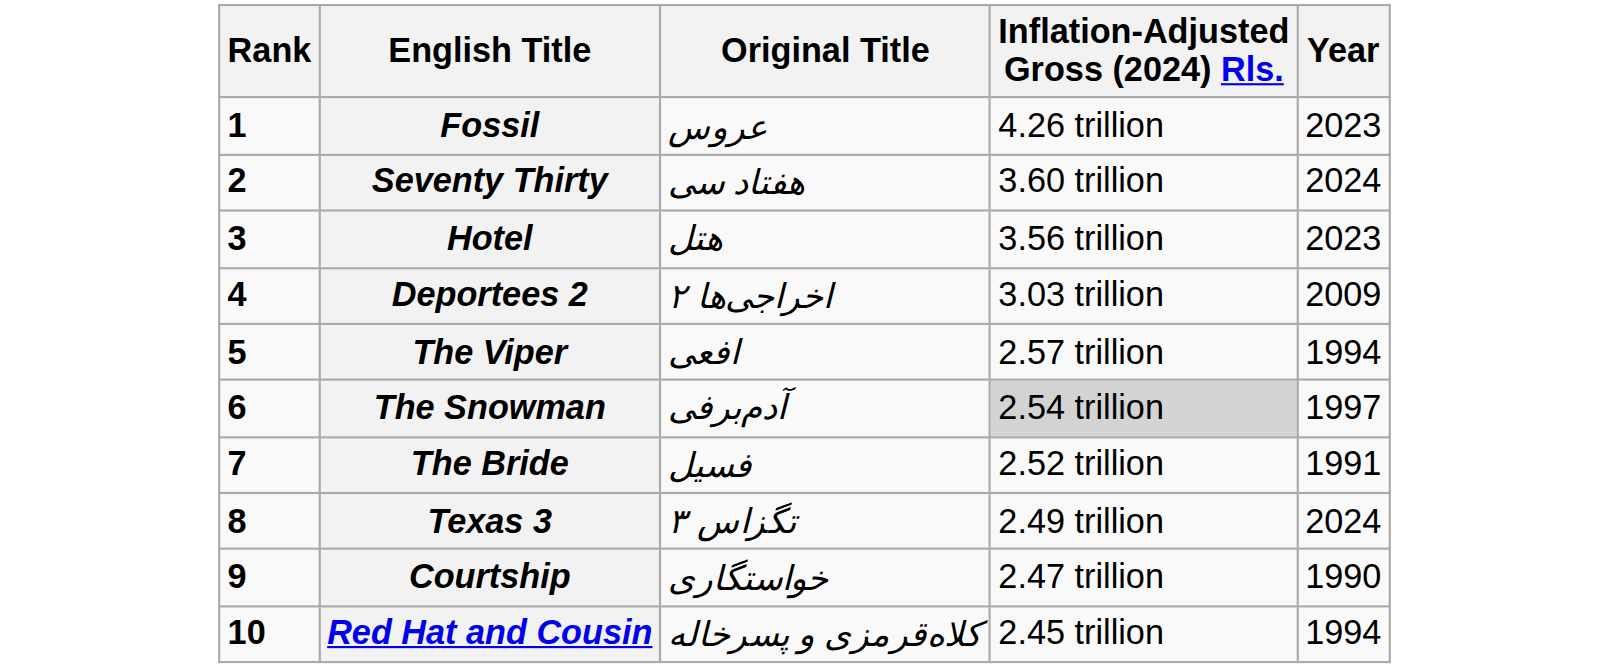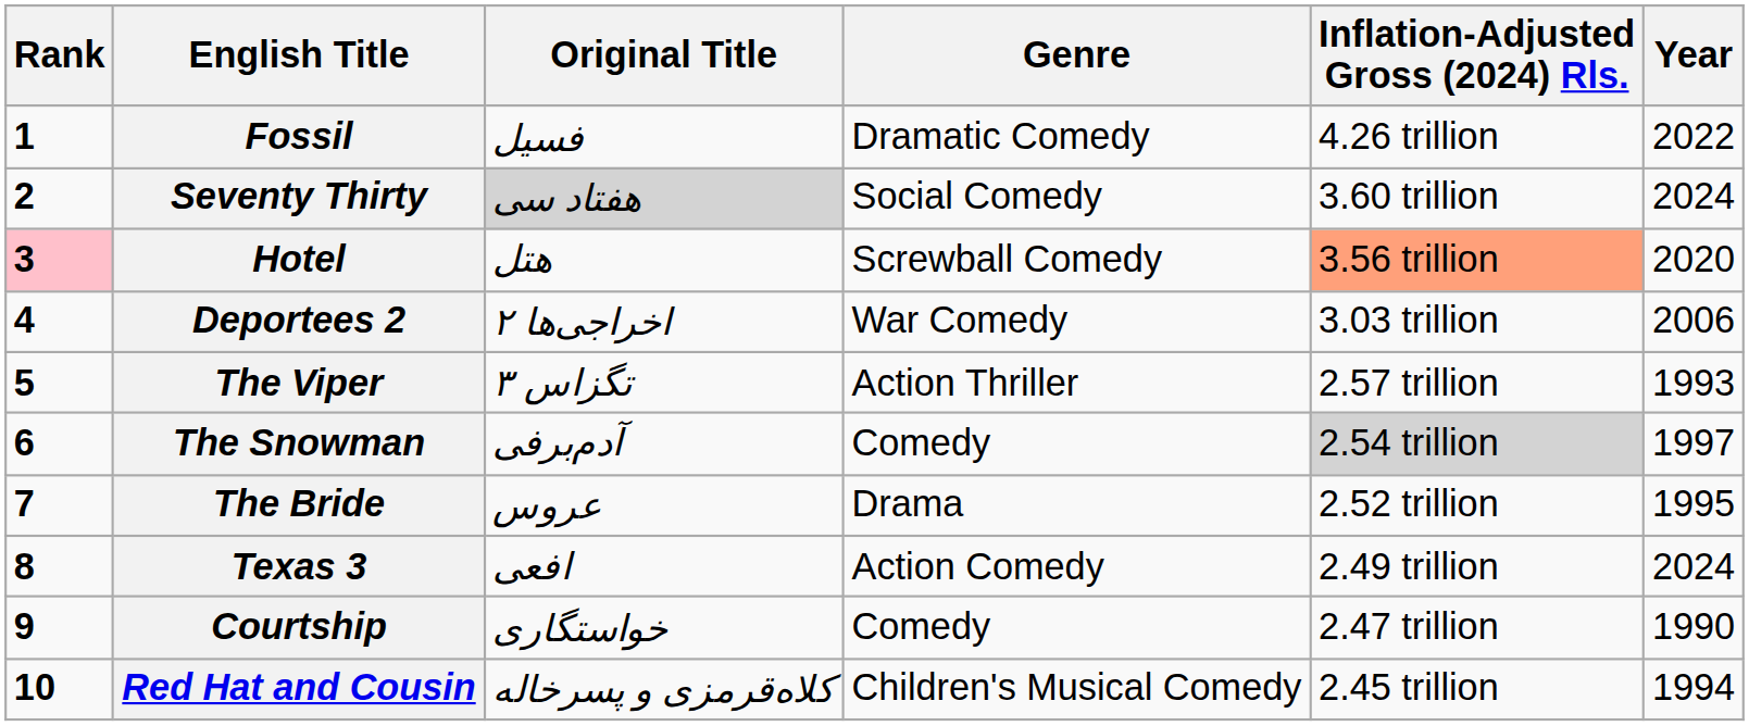 <table class="wikitable plainrowheaders" style="margin:auto; margin:auto;">
 <tr>
 <th scope="col">Rank</th>
 <th scope="col">English Title</th>
 <th>Original Title</th>
+<th>Genre</th>
 <th scope="col">Inflation-Adjusted<br>Gross (2024) <a href='#'>Rls.</a></th>
 <th scope="col">Year</th>
 </tr>
 <tr>
 <td><strong>1</strong></td>
 <th scope="row"><em>Fossil</em></th>
-<td><em>عروس</em></td>
+<td><em>فسیل</em></td>
+<td>Dramatic Comedy</td>
 <td>4.26 trillion</td>
-<td align="center">2023</td>
+<td align="center">2022</td>
 </tr>
 <tr>
 <td><strong>2</strong></td>
 <th scope="row"><em>Seventy Thirty</em></th>
-<td><em>هفتاد  سی</em></td>
+<td style="background: lightgrey;"><em>هفتاد  سی</em></td>
+<td>Social Comedy</td>
 <td>3.60 trillion</td>
 <td align="center">2024</td>
 </tr>
 <tr>
-<td><strong>3</strong></td>
+<td style="background: pink;"><strong>3</strong></td>
 <th scope="row"><em>Hotel</em></th>
 <td><em>هتل</em></td>
-<td>3.56 trillion</td>
-<td align="center">2023</td>
+<td>Screwball Comedy</td>
+<td style="background: lightsalmon;">3.56 trillion</td>
+<td align="center">2020</td>
 </tr>
 <tr>
 <td><strong>4</strong></td>
 <th scope="row"><em>Deportees 2</em></th>
 <td><em>اخراجی‌ها  ۲</em></td>
+<td>War Comedy</td>
 <td>3.03 trillion</td>
-<td align="center">2009</td>
+<td align="center">2006</td>
 </tr>
 <tr>
 <td><strong>5</strong></td>
 <th scope="row"><em>The Viper</em></th>
-<td><em>افعی</em></td>
+<td><em>تگزاس ۳</em></td>
+<td>Action Thriller</td>
 <td>2.57 trillion</td>
-<td align="center">1994</td>
+<td align="center">1993</td>
 </tr>
 <tr>
 <td><strong>6</strong></td>
 <th scope="row"><em>The Snowman</em></th>
 <td><em>آدم‌برفی</em></td>
+<td>Comedy</td>
 <td style="background: lightgrey;">2.54 trillion</td>
 <td align="center">1997</td>
 </tr>
 <tr>
 <td><strong>7</strong></td>
 <th scope="row"><em>The Bride</em></th>
-<td><em>فسیل</em></td>
+<td><em>عروس</em></td>
+<td>Drama</td>
 <td>2.52 trillion</td>
-<td align="center">1991</td>
+<td align="center">1995</td>
 </tr>
 <tr>
 <td><strong>8</strong></td>
 <th scope="row"><em>Texas 3</em></th>
-<td><em>تگزاس ۳</em></td>
+<td><em>افعی</em></td>
+<td>Action Comedy</td>
 <td>2.49 trillion</td>
 <td align="center">2024</td>
 </tr>
 <tr>
 <td><strong>9</strong></td>
 <th scope="row"><em>Courtship</em></th>
 <td><em>خواستگاری</em></td>
+<td>Comedy</td>
 <td>2.47 trillion</td>
 <td align="center">1990</td>
 </tr>
 <tr>
 <td><strong>10</strong></td>
 <th scope="row"><em><a href='#'>Red Hat and Cousin</a></em></th>
 <td><em>کلاه‌قرمزی  و پسرخاله</em></td>
+<td>Children's Musical Comedy</td>
 <td>2.45 trillion</td>
 <td align="center">1994</td>
 </tr>
 </table>
